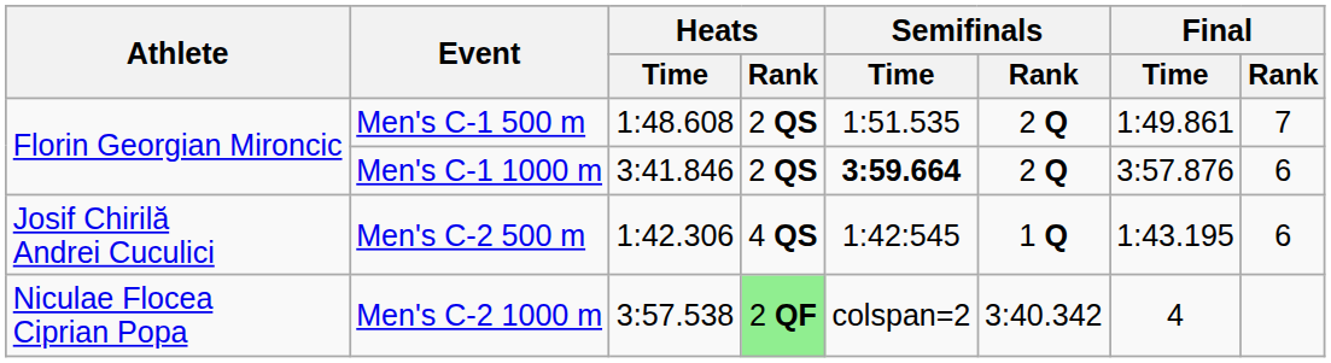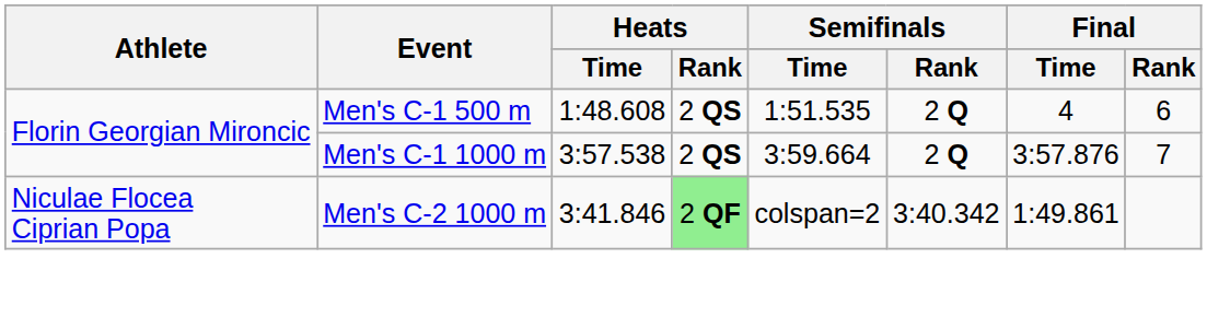 <table class=wikitable style="font-size:90%">
 <tr>
 <th rowspan="2">Athlete</th>
 <th rowspan="2">Event</th>
 <th colspan="2">Heats</th>
 <th colspan="2">Semifinals</th>
 <th colspan="2">Final</th>
 </tr>
 <tr style="font-size:95%">
 <th>Time</th>
 <th>Rank</th>
 <th>Time</th>
 <th>Rank</th>
 <th>Time</th>
 <th>Rank</th>
 </tr>
 <tr align=center>
 <td align=left rowspan=2><a href='#'>Florin Georgian Mironcic</a></td>
 <td align=left><a href='#'>Men's C-1 500 m</a></td>
 <td>1:48.608</td>
 <td>2 <strong>QS</strong></td>
 <td>1:51.535</td>
 <td>2 <strong>Q</strong></td>
-<td>1:49.861</td>
-<td>7</td>
+<td>4</td>
+<td>6</td>
 </tr>
 <tr align=center>
 <td align=left><a href='#'>Men's C-1 1000 m</a></td>
-<td>3:41.846</td>
+<td>3:57.538</td>
 <td>2 <strong>QS</strong></td>
-<td><strong>3:59.664</strong></td>
+<td>3:59.664</td>
 <td>2 <strong>Q</strong></td>
 <td>3:57.876</td>
-<td>6</td>
-</tr>
-<tr align=center>
-<td align=left><a href='#'>Josif Chirilă</a><br><a href='#'>Andrei Cuculici</a></td>
-<td align=left><a href='#'>Men's C-2 500 m</a></td>
-<td>1:42.306</td>
-<td>4 <strong>QS</strong></td>
-<td>1:42:545</td>
-<td>1 <strong>Q</strong></td>
-<td>1:43.195</td>
-<td>6</td>
+<td>7</td>
 </tr>
 <tr align=center>
 <td align=left><a href='#'>Niculae Flocea</a><br><a href='#'>Ciprian Popa</a></td>
 <td align=left><a href='#'>Men's C-2 1000 m</a></td>
-<td>3:57.538</td>
+<td>3:41.846</td>
 <td style="background: lightgreen;">2 <strong>QF</strong></td>
 <td>colspan=2 </td>
 <td>3:40.342</td>
-<td>4</td>
+<td>1:49.861</td>
 </tr>
 </table>
